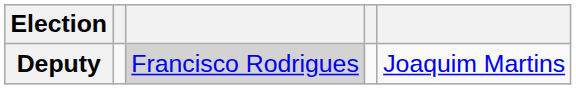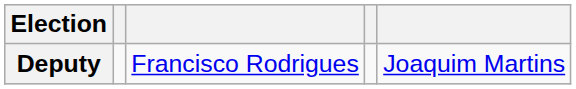 <table class="wikitable">
 <tr>
 <th>Election</th>
 <th style="width:1px;"></th>
 <th></th>
 <th style="width:1px;"></th>
 <th></th>
 </tr>
 <tr>
 <th>Deputy</th>
 <td width=1px style="background-color: "></td>
-<td colspan = 1 style="background: lightgrey;"><a href='#'>Francisco Rodrigues</a></td>
+<td colspan = 1><a href='#'>Francisco Rodrigues</a></td>
 <td width=1px style="background-color: "></td>
 <td colspan = 1><a href='#'>Joaquim Martins</a></td>
 </tr>
 </table>
